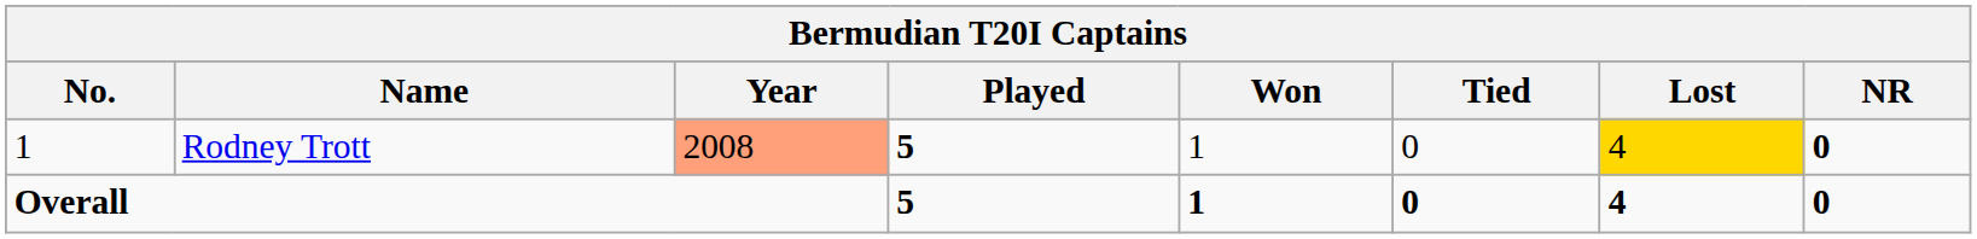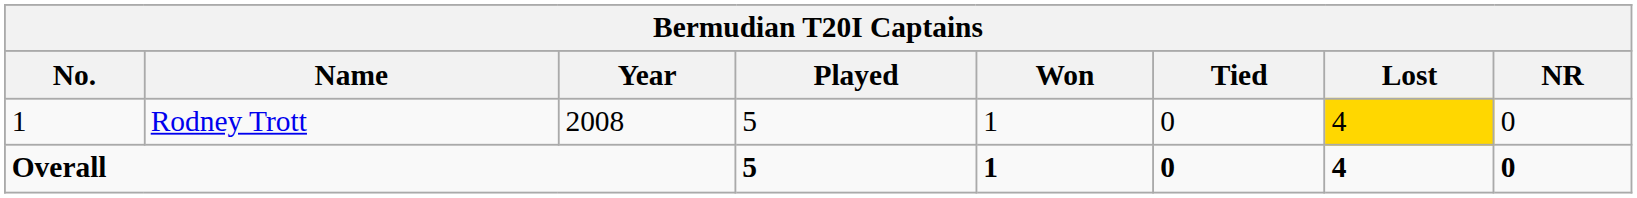 <table class="wikitable" width="70%">
 <tr>
 <th bgcolor="#efefef" colspan=9>Bermudian T20I Captains</th>
 </tr>
 <tr bgcolor="#efefef">
 <th>No.</th>
 <th>Name</th>
 <th>Year</th>
 <th>Played</th>
 <th>Won</th>
 <th>Tied</th>
 <th>Lost</th>
 <th>NR</th>
 </tr>
 <tr>
 <td>1</td>
 <td><a href='#'>Rodney Trott</a></td>
-<td style="background: lightsalmon;">2008</td>
-<td><strong>5</strong></td>
+<td>2008</td>
+<td>5</td>
 <td>1</td>
 <td>0</td>
 <td style="background: gold;">4</td>
-<td><strong>0</strong></td>
+<td>0</td>
 </tr>
 <tr>
 <td colspan=3><strong>Overall</strong></td>
 <td><strong>5</strong></td>
 <td><strong>1</strong></td>
 <td><strong>0</strong></td>
 <td><strong>4</strong></td>
 <td><strong>0</strong></td>
 </tr>
 </table>
